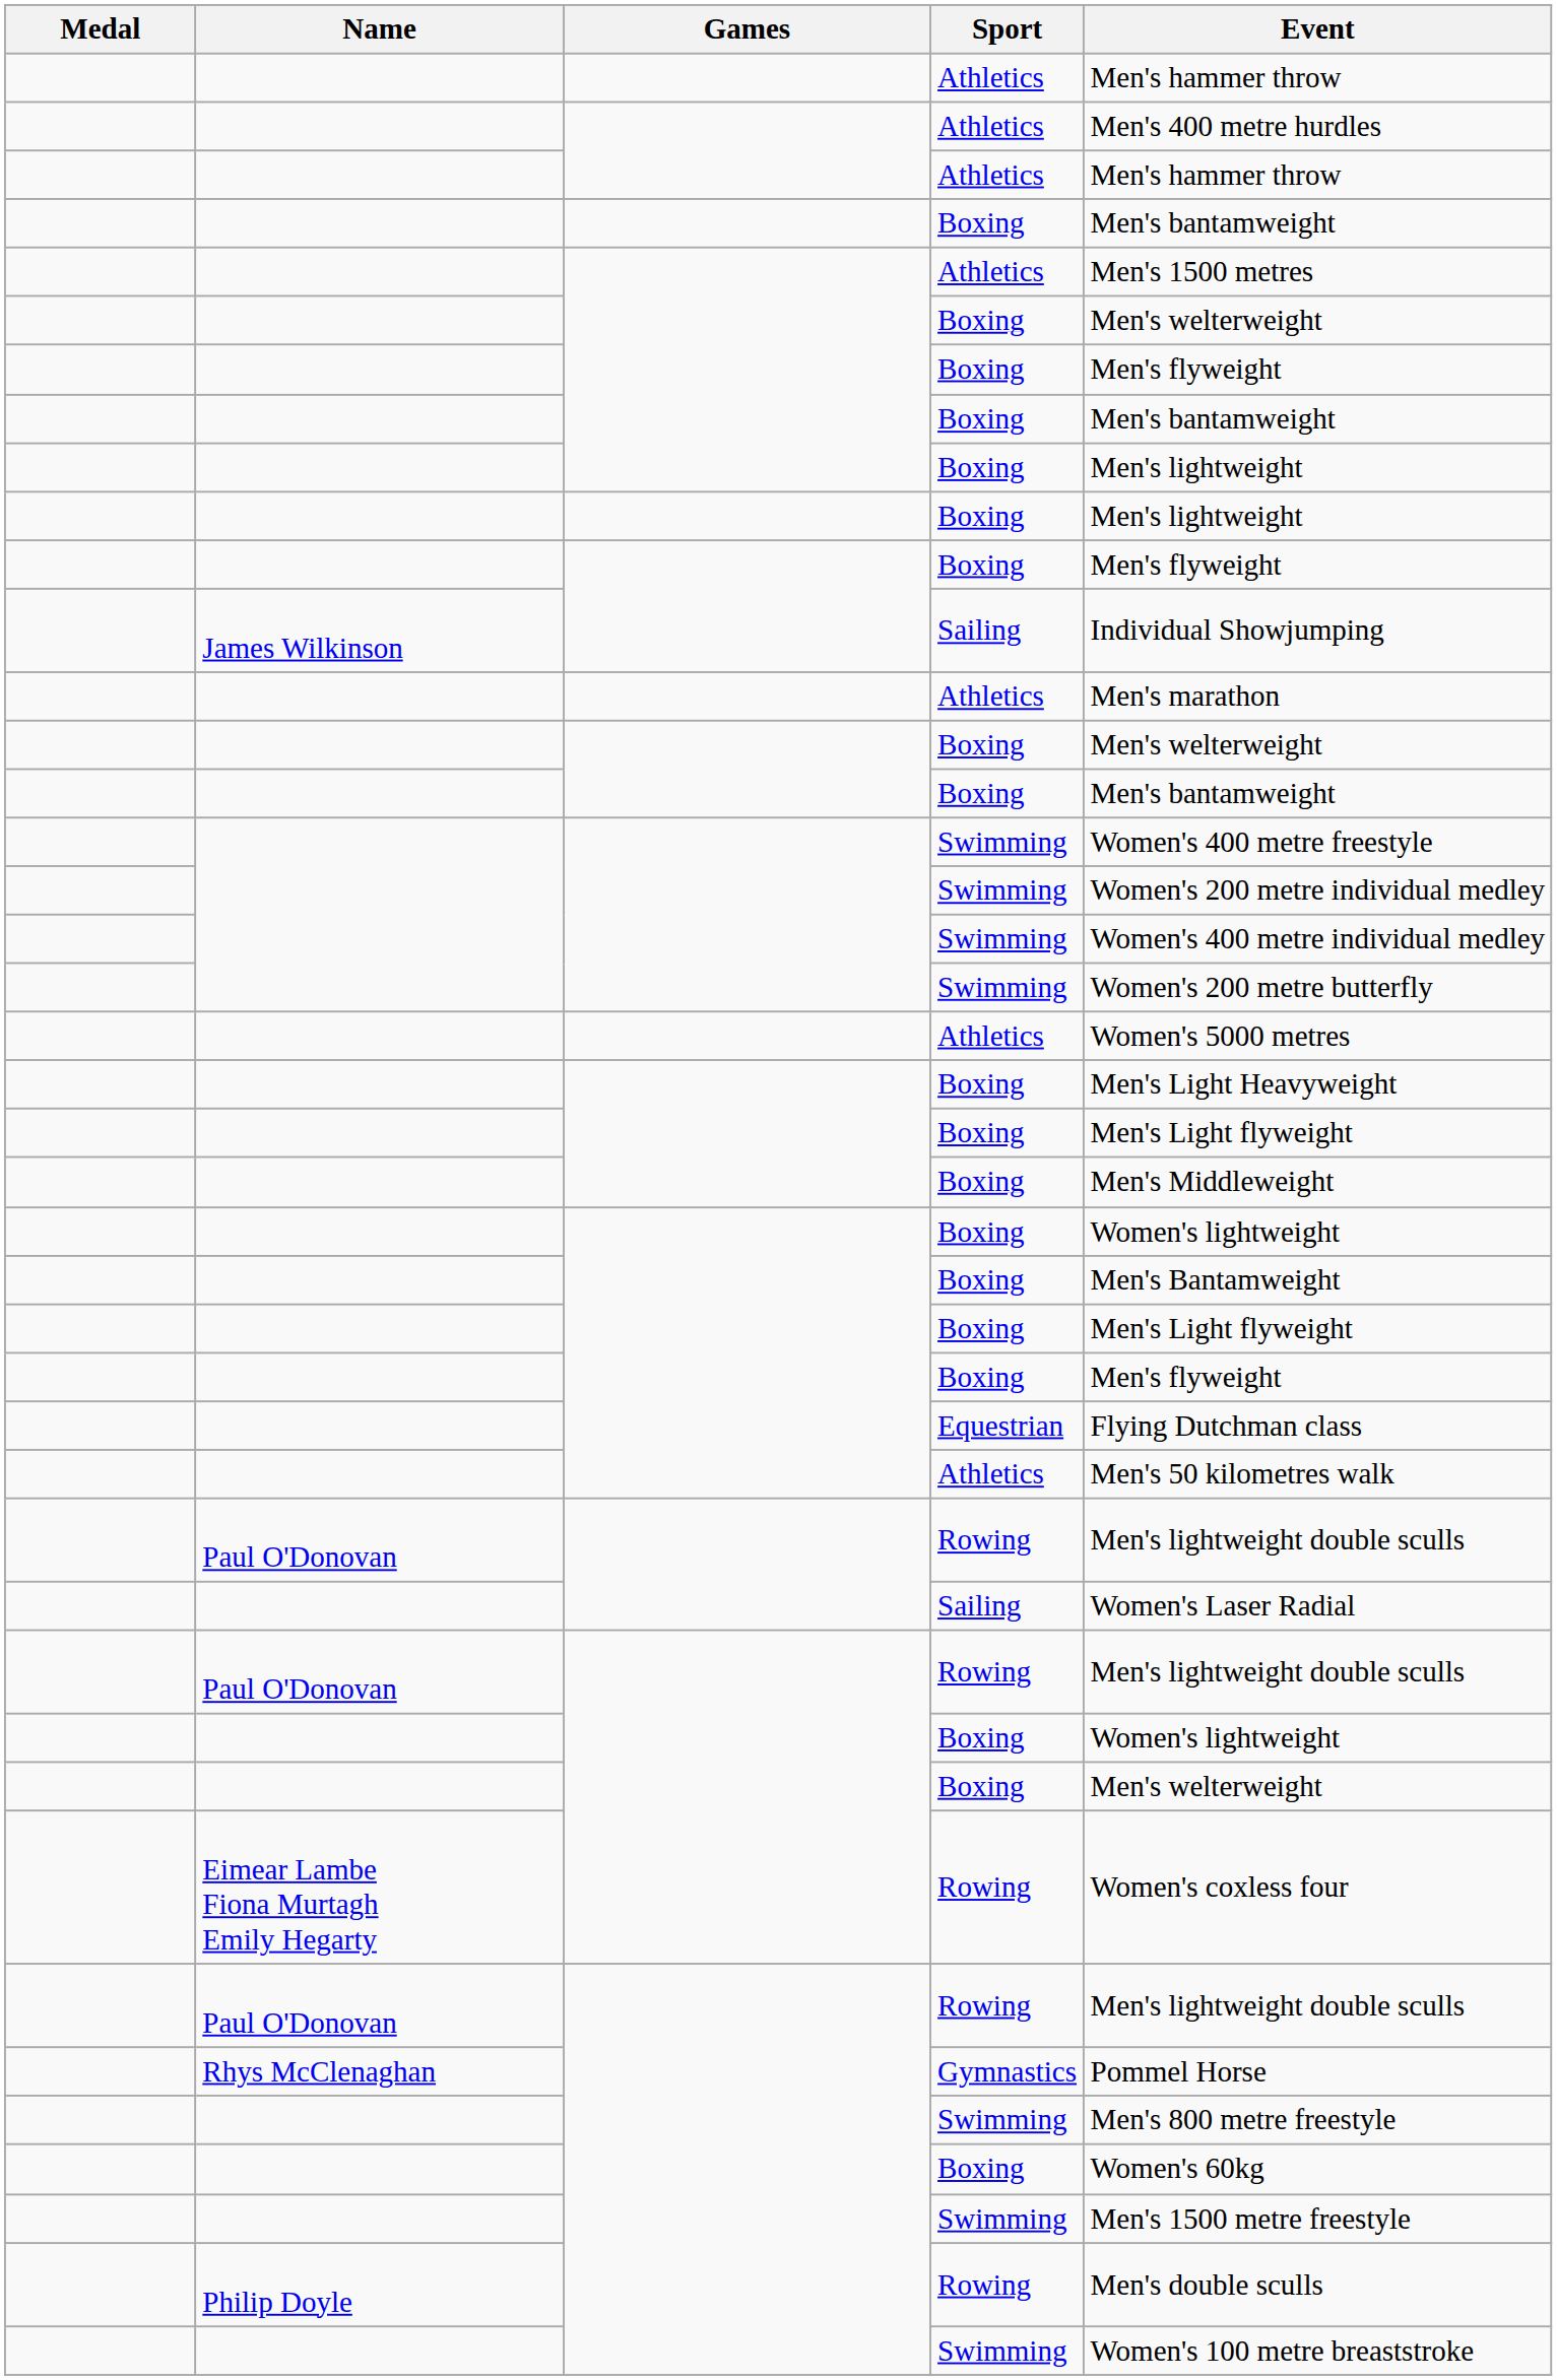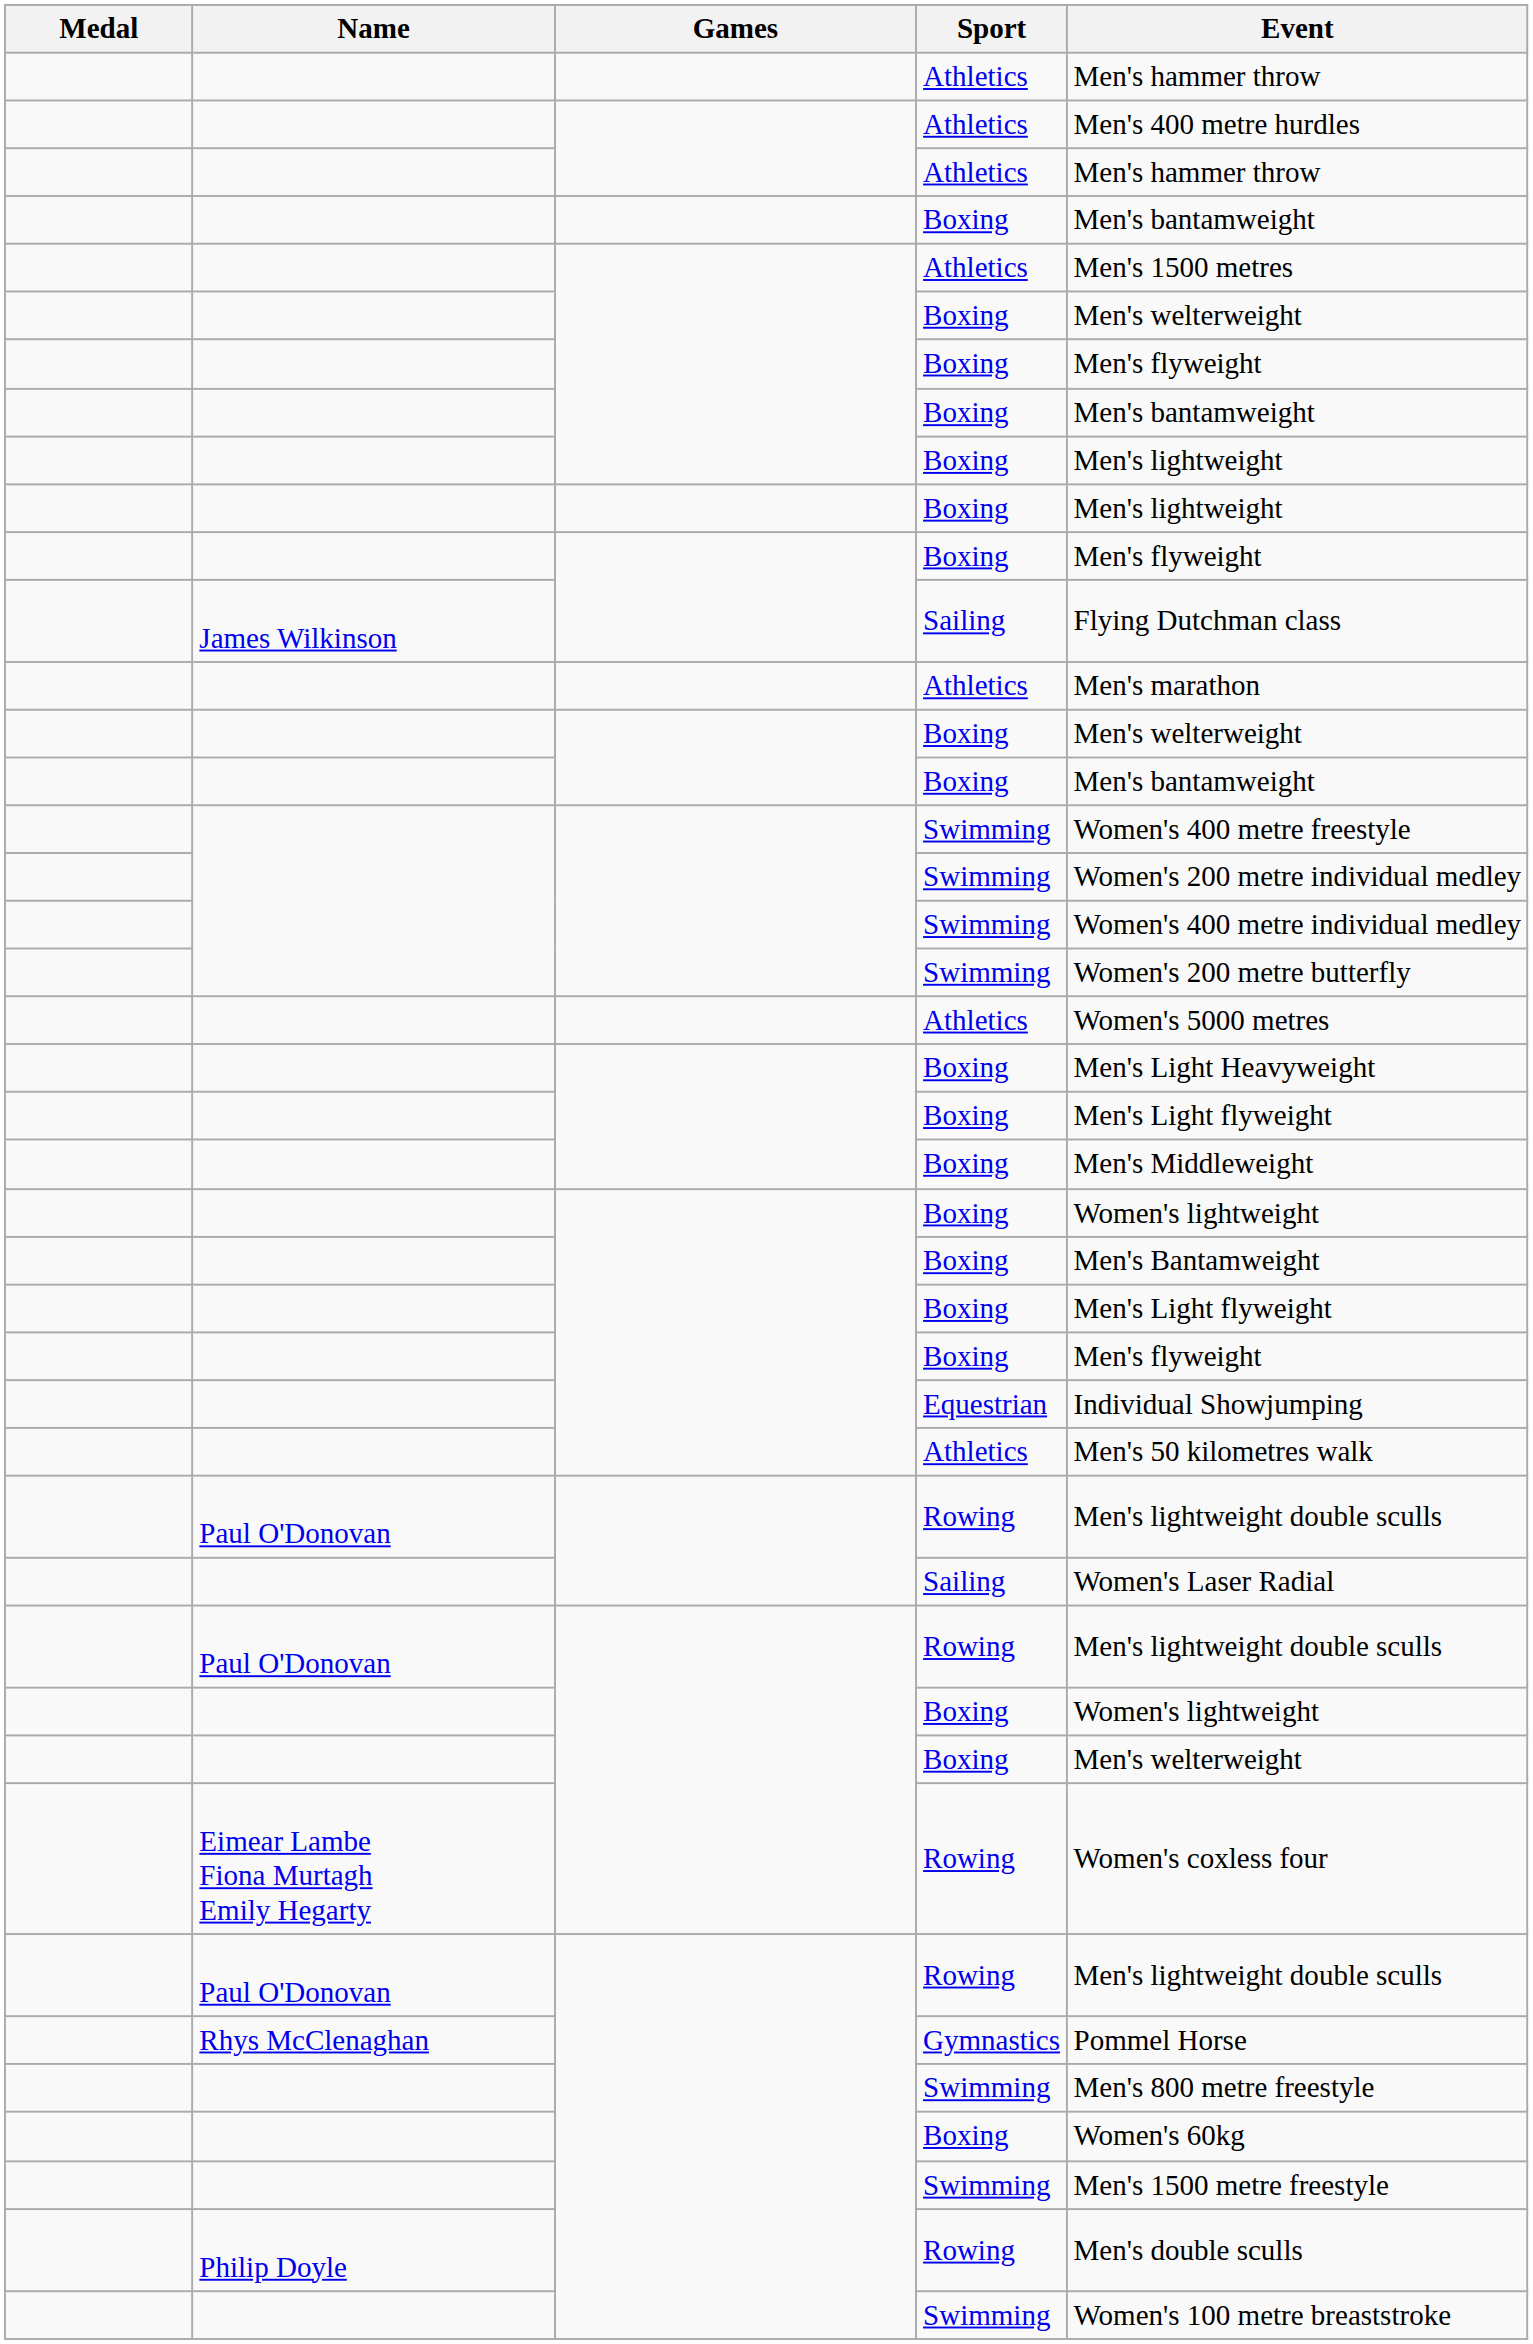 <table class="wikitable sortable" style="font-size: 95%;">
 <tr>
 <th style="width:6em">Medal</th>
 <th style="width:12em">Name</th>
 <th style="width:12em">Games</th>
 <th>Sport</th>
 <th>Event</th>
 </tr>
 <tr>
 <td></td>
 <td></td>
 <td></td>
 <td><a href='#'>Athletics</a></td>
 <td>Men's hammer throw</td>
 </tr>
 <tr>
 <td></td>
 <td></td>
 <td rowspan="2"></td>
 <td><a href='#'>Athletics</a></td>
 <td>Men's 400 metre hurdles</td>
 </tr>
 <tr>
 <td></td>
 <td></td>
 <td><a href='#'>Athletics</a></td>
 <td>Men's hammer throw</td>
 </tr>
 <tr>
 <td></td>
 <td></td>
 <td></td>
 <td><a href='#'>Boxing</a></td>
 <td>Men's bantamweight</td>
 </tr>
 <tr>
 <td></td>
 <td></td>
 <td rowspan="5"></td>
 <td><a href='#'>Athletics</a></td>
 <td>Men's 1500 metres</td>
 </tr>
 <tr>
 <td></td>
 <td></td>
 <td><a href='#'>Boxing</a></td>
 <td>Men's welterweight</td>
 </tr>
 <tr>
 <td></td>
 <td></td>
 <td><a href='#'>Boxing</a></td>
 <td>Men's flyweight</td>
 </tr>
 <tr>
 <td></td>
 <td></td>
 <td><a href='#'>Boxing</a></td>
 <td>Men's bantamweight</td>
 </tr>
 <tr>
 <td></td>
 <td></td>
 <td><a href='#'>Boxing</a></td>
 <td>Men's lightweight</td>
 </tr>
 <tr>
 <td></td>
 <td></td>
 <td></td>
 <td><a href='#'>Boxing</a></td>
 <td>Men's lightweight</td>
 </tr>
 <tr>
 <td></td>
 <td></td>
 <td rowspan="2"></td>
 <td><a href='#'>Boxing</a></td>
 <td>Men's flyweight</td>
 </tr>
 <tr>
 <td></td>
 <td><br><a href='#'>James Wilkinson</a></td>
 <td><a href='#'>Sailing</a></td>
-<td>Individual Showjumping</td>
+<td>Flying Dutchman class</td>
 </tr>
 <tr>
 <td></td>
 <td></td>
 <td></td>
 <td><a href='#'>Athletics</a></td>
 <td>Men's marathon</td>
 </tr>
 <tr>
 <td></td>
 <td></td>
 <td rowspan="2"></td>
 <td><a href='#'>Boxing</a></td>
 <td>Men's welterweight</td>
 </tr>
 <tr>
 <td></td>
 <td></td>
 <td><a href='#'>Boxing</a></td>
 <td>Men's bantamweight</td>
 </tr>
 <tr>
 <td></td>
 <td rowspan="4"></td>
 <td rowspan="4"></td>
 <td><a href='#'>Swimming</a></td>
 <td>Women's 400 metre freestyle</td>
 </tr>
 <tr>
 <td></td>
 <td><a href='#'>Swimming</a></td>
 <td>Women's 200 metre individual medley</td>
 </tr>
 <tr>
 <td></td>
 <td><a href='#'>Swimming</a></td>
 <td>Women's 400 metre individual medley</td>
 </tr>
 <tr>
 <td></td>
 <td><a href='#'>Swimming</a></td>
 <td>Women's 200 metre butterfly</td>
 </tr>
 <tr>
 <td></td>
 <td></td>
 <td></td>
 <td><a href='#'>Athletics</a></td>
 <td>Women's 5000 metres</td>
 </tr>
 <tr>
 <td></td>
 <td></td>
 <td rowspan="3"></td>
 <td><a href='#'>Boxing</a></td>
 <td>Men's Light Heavyweight</td>
 </tr>
 <tr>
 <td></td>
 <td></td>
 <td><a href='#'>Boxing</a></td>
 <td>Men's Light flyweight</td>
 </tr>
 <tr>
 <td></td>
 <td></td>
 <td><a href='#'>Boxing</a></td>
 <td>Men's Middleweight</td>
 </tr>
 <tr>
 <td></td>
 <td></td>
 <td rowspan="6"></td>
 <td><a href='#'>Boxing</a></td>
 <td>Women's lightweight</td>
 </tr>
 <tr>
 <td></td>
 <td></td>
 <td><a href='#'>Boxing</a></td>
 <td>Men's Bantamweight</td>
 </tr>
 <tr>
 <td></td>
 <td></td>
 <td><a href='#'>Boxing</a></td>
 <td>Men's Light flyweight</td>
 </tr>
 <tr>
 <td></td>
 <td></td>
 <td><a href='#'>Boxing</a></td>
 <td>Men's flyweight</td>
 </tr>
 <tr>
 <td></td>
 <td></td>
 <td><a href='#'>Equestrian</a></td>
-<td>Flying Dutchman class</td>
+<td>Individual Showjumping</td>
 </tr>
 <tr>
 <td></td>
 <td></td>
 <td><a href='#'>Athletics</a></td>
 <td>Men's 50 kilometres walk</td>
 </tr>
 <tr>
 <td></td>
 <td><br><a href='#'>Paul O'Donovan</a></td>
 <td rowspan="2"></td>
 <td><a href='#'>Rowing</a></td>
 <td>Men's lightweight double sculls</td>
 </tr>
 <tr>
 <td></td>
 <td></td>
 <td><a href='#'>Sailing</a></td>
 <td>Women's Laser Radial</td>
 </tr>
 <tr>
 <td></td>
 <td><br><a href='#'>Paul O'Donovan</a></td>
 <td rowspan="4"></td>
 <td><a href='#'>Rowing</a></td>
 <td>Men's lightweight double sculls</td>
 </tr>
 <tr>
 <td></td>
 <td></td>
 <td><a href='#'>Boxing</a></td>
 <td>Women's lightweight</td>
 </tr>
 <tr>
 <td></td>
 <td></td>
 <td><a href='#'>Boxing</a></td>
 <td>Men's welterweight</td>
 </tr>
 <tr>
 <td></td>
 <td><br><a href='#'>Eimear Lambe</a><br><a href='#'>Fiona Murtagh</a><br><a href='#'>Emily Hegarty</a></td>
 <td><a href='#'>Rowing</a></td>
 <td>Women's coxless four</td>
 </tr>
 <tr>
 <td></td>
 <td><br><a href='#'>Paul O'Donovan</a></td>
 <td rowspan="7"></td>
 <td><a href='#'>Rowing</a></td>
 <td>Men's lightweight double sculls</td>
 </tr>
 <tr>
 <td></td>
 <td><a href='#'>Rhys McClenaghan</a></td>
 <td><a href='#'>Gymnastics</a></td>
 <td>Pommel Horse</td>
 </tr>
 <tr>
 <td></td>
 <td></td>
 <td><a href='#'>Swimming</a></td>
 <td>Men's 800 metre freestyle</td>
 </tr>
 <tr>
 <td></td>
 <td></td>
 <td><a href='#'> Boxing</a></td>
 <td>Women's 60kg</td>
 </tr>
 <tr>
 <td></td>
 <td></td>
 <td><a href='#'>Swimming</a></td>
 <td>Men's 1500 metre freestyle</td>
 </tr>
 <tr>
 <td></td>
 <td><br><a href='#'>Philip Doyle</a></td>
 <td><a href='#'>Rowing</a></td>
 <td>Men's double sculls</td>
 </tr>
 <tr>
 <td></td>
 <td rowspan="1"></td>
 <td><a href='#'>Swimming</a></td>
 <td>Women's 100 metre breaststroke</td>
 </tr>
 </table>
